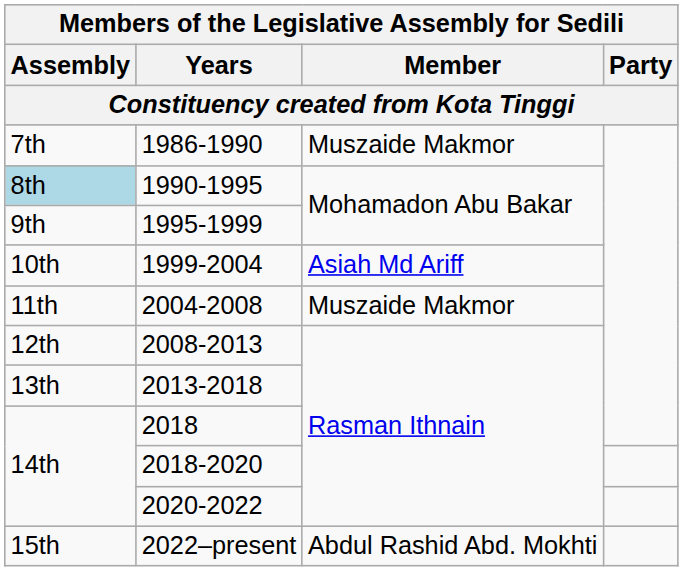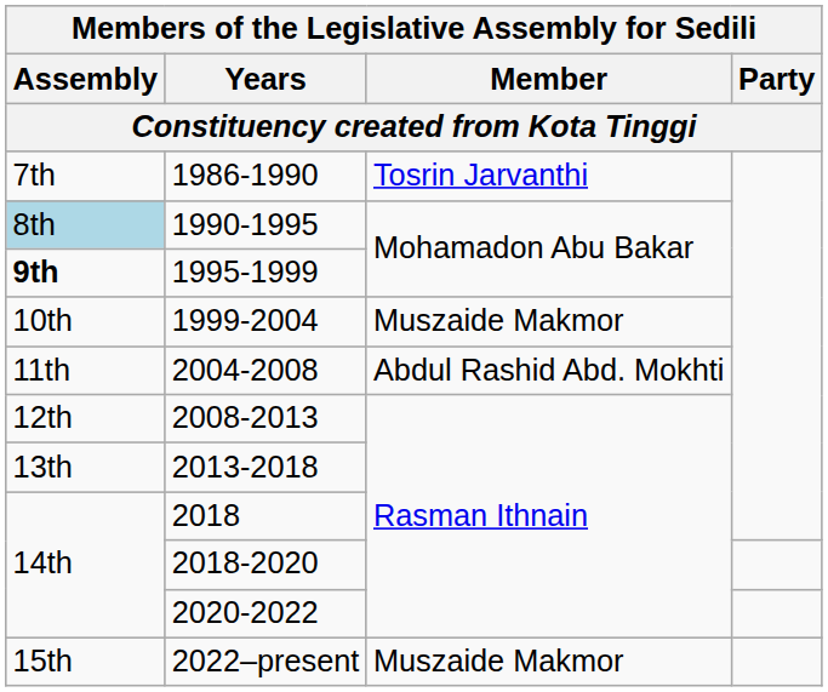 <table class=wikitable>
 <tr>
 <th colspan=4>Members of the Legislative Assembly for Sedili</th>
 </tr>
 <tr>
 <th>Assembly</th>
 <th>Years</th>
 <th>Member</th>
 <th>Party</th>
 </tr>
 <tr>
 <th colspan=4 align=center><em>Constituency created from Kota Tinggi</em></th>
 </tr>
 <tr>
 <td>7th</td>
 <td>1986-1990</td>
-<td>Muszaide Makmor</td>
+<td><a href='#'>Tosrin Jarvanthi</a></td>
 <td rowspan="8"></td>
 </tr>
 <tr>
 <td style="background: lightblue;">8th</td>
 <td>1990-1995</td>
 <td rowspan="2">Mohamadon Abu Bakar</td>
 </tr>
 <tr>
-<td>9th</td>
+<td><strong>9th</strong></td>
 <td>1995-1999</td>
 </tr>
 <tr>
 <td>10th</td>
 <td>1999-2004</td>
-<td><a href='#'>Asiah Md Ariff</a></td>
+<td>Muszaide Makmor</td>
 </tr>
 <tr>
 <td>11th</td>
 <td>2004-2008</td>
-<td>Muszaide Makmor</td>
+<td>Abdul Rashid Abd. Mokhti</td>
 </tr>
 <tr>
 <td>12th</td>
 <td>2008-2013</td>
 <td rowspan="5"><a href='#'>Rasman Ithnain</a></td>
 </tr>
 <tr>
 <td>13th</td>
 <td>2013-2018</td>
 </tr>
 <tr>
 <td rowspan="3">14th</td>
 <td>2018</td>
 </tr>
 <tr>
 <td>2018-2020</td>
 <td></td>
 </tr>
 <tr>
 <td>2020-2022</td>
 <td></td>
 </tr>
 <tr>
 <td>15th</td>
 <td>2022–present</td>
-<td>Abdul Rashid Abd. Mokhti</td>
+<td>Muszaide Makmor</td>
 <td></td>
 </tr>
 </table>
